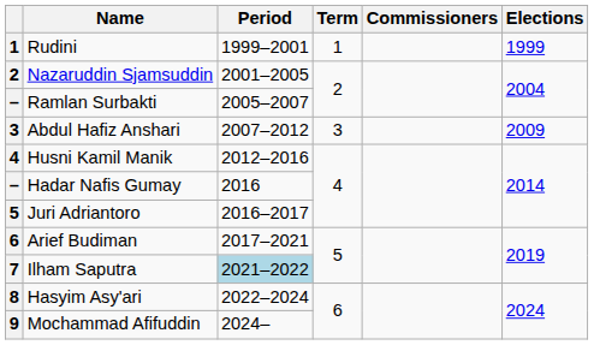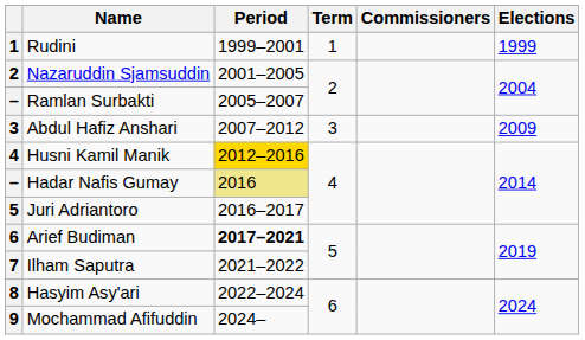 <table class="wikitable">
 <tr>
 <th></th>
 <th>Name</th>
 <th>Period</th>
 <th>Term</th>
 <th>Commissioners</th>
 <th>Elections</th>
 </tr>
 <tr>
 <th>1</th>
 <td>Rudini</td>
 <td>1999–2001</td>
 <td style="text-align:center">1</td>
 <td></td>
 <td><a href='#'>1999</a></td>
 </tr>
 <tr>
 <th>2</th>
 <td><a href='#'>Nazaruddin Sjamsuddin</a></td>
 <td>2001–2005</td>
 <td style="text-align:center" rowspan="2">2</td>
 <td rowspan="2"></td>
 <td rowspan="2"><a href='#'>2004</a></td>
 </tr>
 <tr>
 <th>–</th>
 <td>Ramlan Surbakti</td>
 <td>2005–2007</td>
 </tr>
 <tr>
 <th>3</th>
 <td>Abdul Hafiz Anshari</td>
 <td>2007–2012</td>
 <td style="text-align:center">3</td>
 <td></td>
 <td><a href='#'>2009</a></td>
 </tr>
 <tr>
 <th>4</th>
 <td>Husni Kamil Manik</td>
-<td>2012–2016</td>
+<td style="background: gold;">2012–2016</td>
 <td style="text-align:center" rowspan="3">4</td>
 <td rowspan="3"></td>
 <td rowspan="3"><a href='#'>2014</a></td>
 </tr>
 <tr>
 <th>–</th>
 <td>Hadar Nafis Gumay</td>
-<td>2016</td>
+<td style="background: khaki;">2016</td>
 </tr>
 <tr>
 <th>5</th>
 <td>Juri Adriantoro</td>
 <td>2016–2017</td>
 </tr>
 <tr>
 <th>6</th>
 <td>Arief Budiman</td>
-<td>2017–2021</td>
+<td><strong>2017–2021</strong></td>
 <td style="text-align:center" rowspan="2">5</td>
 <td rowspan="2"></td>
 <td rowspan="2"><a href='#'>2019</a></td>
 </tr>
 <tr>
 <th>7</th>
 <td>Ilham Saputra</td>
-<td style="background: lightblue;">2021–2022</td>
+<td>2021–2022</td>
 </tr>
 <tr>
 <th>8</th>
 <td>Hasyim Asy'ari</td>
 <td>2022–2024</td>
 <td style="text-align:center" rowspan="2">6</td>
 <td rowspan="2"></td>
 <td rowspan="2"><a href='#'>2024</a></td>
 </tr>
 <tr>
 <th>9</th>
 <td>Mochammad Afifuddin</td>
 <td>2024–</td>
 </tr>
 </table>
